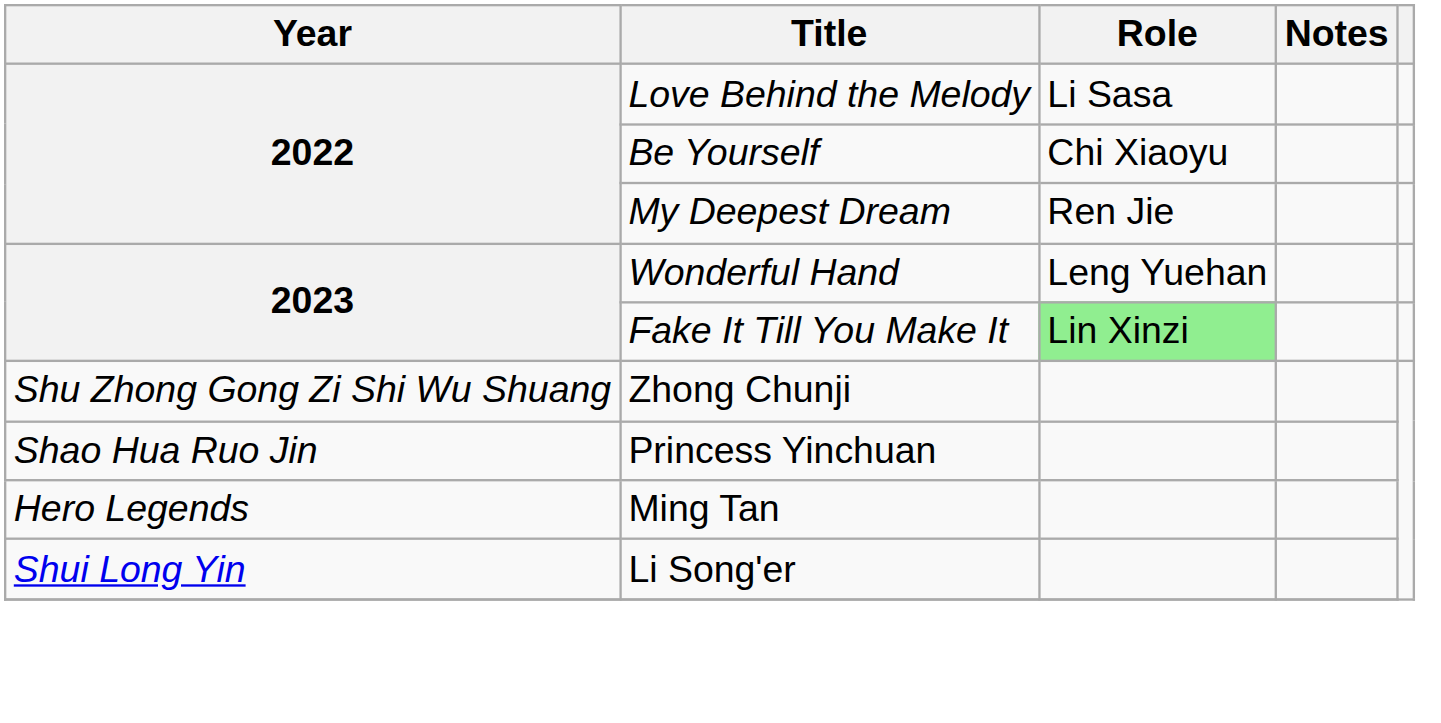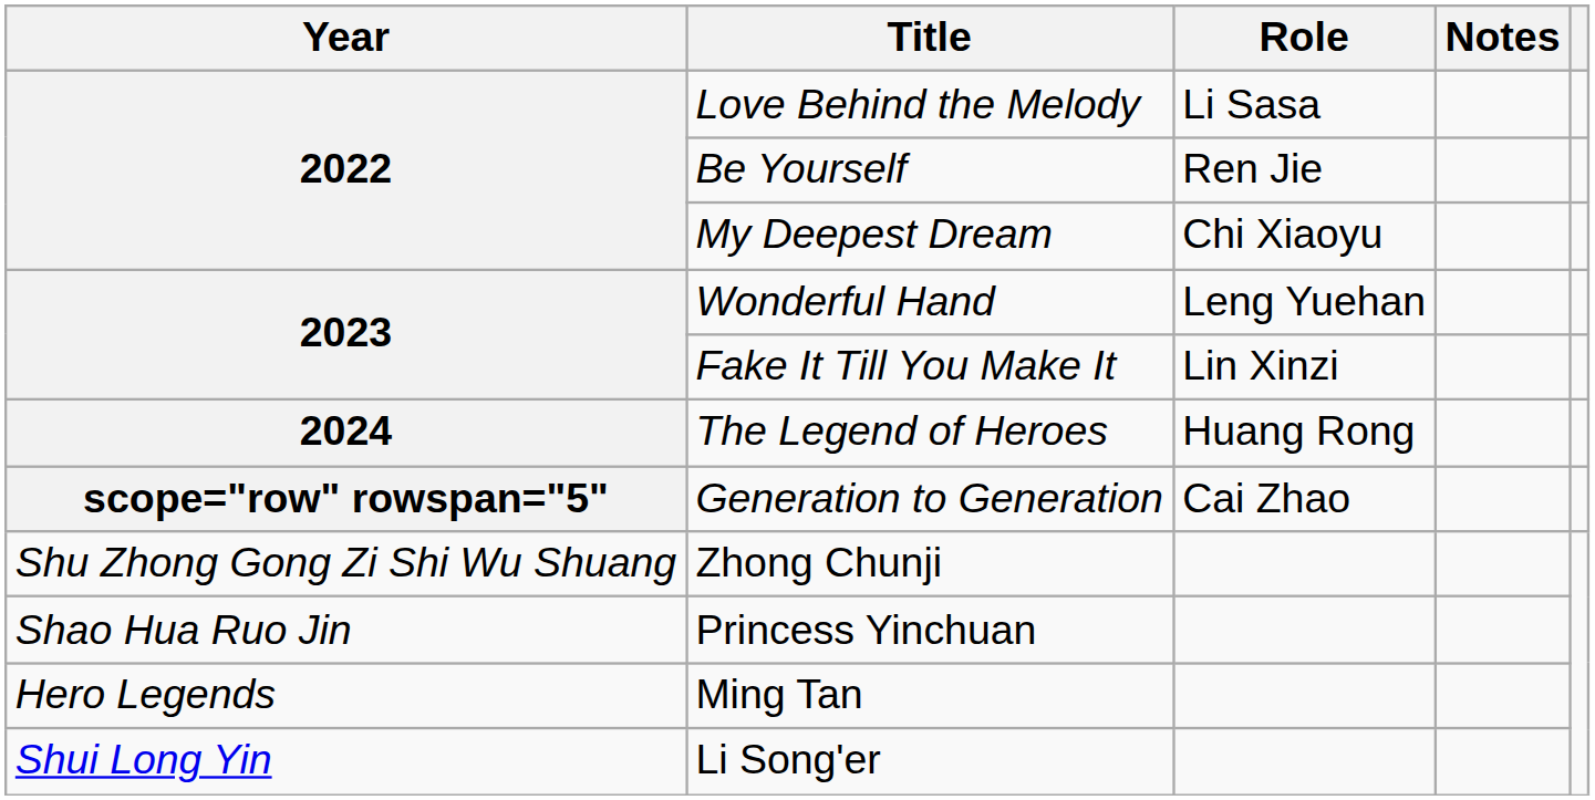 <table class="wikitable sortable plainrowheaders">
 <tr>
 <th scope="col">Year</th>
 <th scope="col">Title</th>
 <th scope="col">Role</th>
 <th scope="col">Notes</th>
 <th scope="col" class="unsortable"></th>
 </tr>
 <tr>
 <th scope="row" rowspan="3">2022</th>
 <td><em>Love Behind the Melody</em></td>
 <td>Li Sasa</td>
 <td></td>
 <td></td>
 </tr>
 <tr>
 <td><em>Be Yourself</em></td>
-<td>Chi Xiaoyu</td>
+<td>Ren Jie</td>
 <td></td>
 <td></td>
 </tr>
 <tr>
 <td><em>My Deepest Dream</em></td>
-<td>Ren Jie</td>
+<td>Chi Xiaoyu</td>
 <td></td>
 <td></td>
 </tr>
 <tr>
 <th scope="row" rowspan="2">2023</th>
 <td><em>Wonderful Hand</em></td>
 <td>Leng Yuehan</td>
 <td></td>
 <td></td>
 </tr>
 <tr>
 <td><em>Fake It Till You Make It</em></td>
-<td style="background: lightgreen;">Lin Xinzi</td>
+<td>Lin Xinzi</td>
+<td></td>
+<td></td>
+</tr>
+<tr>
+<th scope="row" rowspan="1">2024</th>
+<td><em>The Legend of Heroes</em></td>
+<td>Huang Rong</td>
+<td></td>
+<td></td>
+</tr>
+<tr>
+<th>scope="row" rowspan="5" </th>
+<td><em>Generation to Generation</em></td>
+<td>Cai Zhao</td>
 <td></td>
 <td></td>
 </tr>
 <tr>
 <td><em>Shu Zhong Gong Zi Shi Wu Shuang</em></td>
 <td>Zhong Chunji</td>
 <td></td>
 <td></td>
 </tr>
 <tr>
 <td><em>Shao Hua Ruo Jin</em></td>
 <td>Princess Yinchuan</td>
 <td></td>
 <td></td>
 </tr>
 <tr>
 <td><em>Hero Legends</em></td>
 <td>Ming Tan</td>
 <td></td>
 <td></td>
 </tr>
 <tr>
 <td><em><a href='#'>Shui Long Yin</a></em></td>
 <td>Li Song'er</td>
 <td></td>
 <td></td>
 </tr>
 <tr>
 </tr>
 </table>
